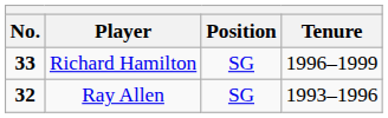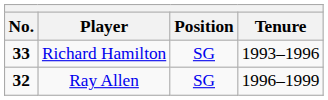 <table class="wikitable" style="text-align:center">
 <tr>
 <th colspan="4"></th>
 </tr>
 <tr>
 <th>No.</th>
 <th>Player</th>
 <th>Position</th>
 <th>Tenure</th>
 </tr>
 <tr>
 <td><strong>33</strong></td>
 <td><a href='#'>Richard Hamilton</a></td>
 <td><a href='#'>SG</a></td>
-<td>1996–1999</td>
+<td>1993–1996</td>
 </tr>
 <tr>
 <td><strong>32</strong></td>
 <td><a href='#'>Ray Allen</a></td>
 <td><a href='#'>SG</a></td>
-<td>1993–1996</td>
+<td>1996–1999</td>
 </tr>
 </table>
